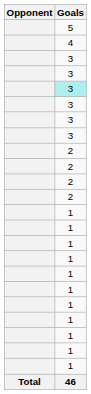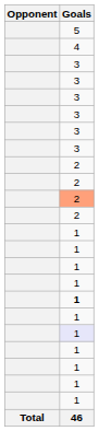 <table class="wikitable plainrowheaders sortable" style="text-align:center; font-size:95%">
 <tr>
 <th scope="col">Opponent</th>
 <th scope="col">Goals</th>
 </tr>
 <tr>
 <th scope="row"></th>
 <td>5</td>
 </tr>
 <tr>
 <th scope="row"></th>
 <td>4</td>
 </tr>
 <tr>
 <th scope="row"></th>
 <td>3</td>
 </tr>
 <tr>
 <th scope="row"></th>
 <td>3</td>
 </tr>
 <tr>
 <th scope="row"></th>
-<td style="background: paleturquoise;">3</td>
+<td>3</td>
 </tr>
 <tr>
 <th scope="row"></th>
 <td>3</td>
 </tr>
 <tr>
 <th scope="row"></th>
 <td>3</td>
 </tr>
 <tr>
 <th scope="row"></th>
 <td>3</td>
 </tr>
 <tr>
 <th scope="row"></th>
 <td>2</td>
 </tr>
 <tr>
 <th scope="row"></th>
 <td>2</td>
 </tr>
 <tr>
 <th scope="row"></th>
-<td>2</td>
+<td style="background: lightsalmon;">2</td>
 </tr>
 <tr>
 <th scope="row"></th>
 <td>2</td>
 </tr>
 <tr>
 <th scope="row"></th>
 <td>1</td>
 </tr>
 <tr>
 <th scope="row"></th>
 <td>1</td>
 </tr>
 <tr>
 <th scope="row"></th>
 <td>1</td>
 </tr>
 <tr>
 <th scope="row"></th>
 <td>1</td>
 </tr>
 <tr>
 <th scope="row"></th>
-<td>1</td>
+<td><strong>1</strong></td>
 </tr>
 <tr>
 <th scope="row"></th>
 <td>1</td>
 </tr>
 <tr>
 <th scope="row"></th>
-<td>1</td>
+<td style="background: lavender;">1</td>
 </tr>
 <tr>
 <th scope="row"></th>
 <td>1</td>
 </tr>
 <tr>
 <th scope="row"></th>
 <td>1</td>
 </tr>
 <tr>
 <th scope="row"></th>
 <td>1</td>
 </tr>
 <tr>
 <th scope="row"></th>
 <td>1</td>
 </tr>
 <tr>
 <th>Total</th>
 <th>46</th>
 </tr>
 </table>
